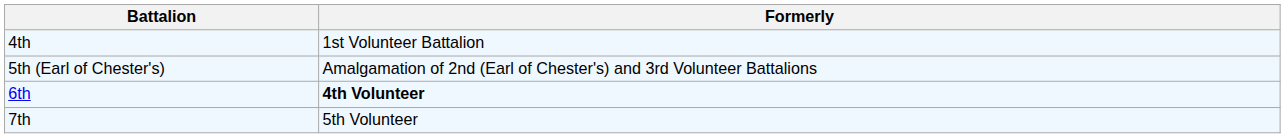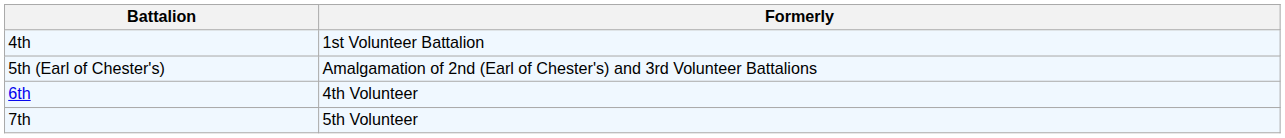 <table class="wikitable" style="width:100%;">
 <tr>
 <th>Battalion</th>
 <th>Formerly</th>
 </tr>
 <tr style="background:#f0f8ff;">
 <td>4th</td>
 <td>1st Volunteer Battalion</td>
 </tr>
 <tr style="background:#f0f8ff;">
 <td>5th (Earl of Chester's)</td>
 <td>Amalgamation of 2nd (Earl of Chester's) and 3rd Volunteer Battalions</td>
 </tr>
 <tr style="background:#f0f8ff;">
 <td><a href='#'>6th</a></td>
-<td><strong>4th Volunteer</strong></td>
+<td>4th Volunteer</td>
 </tr>
 <tr style="background:#f0f8ff;">
 <td>7th</td>
 <td>5th Volunteer</td>
 </tr>
 </table>
